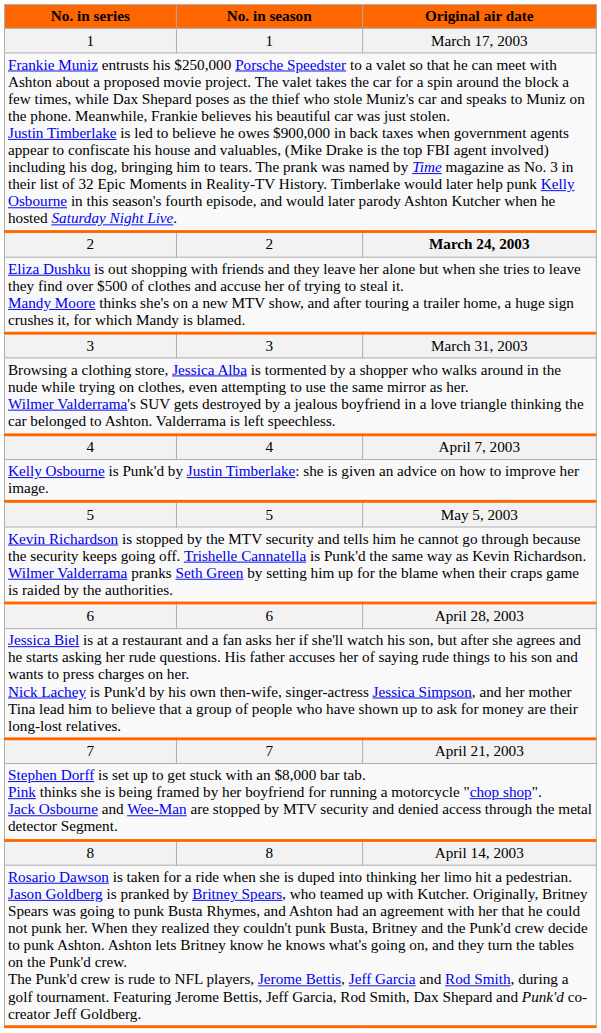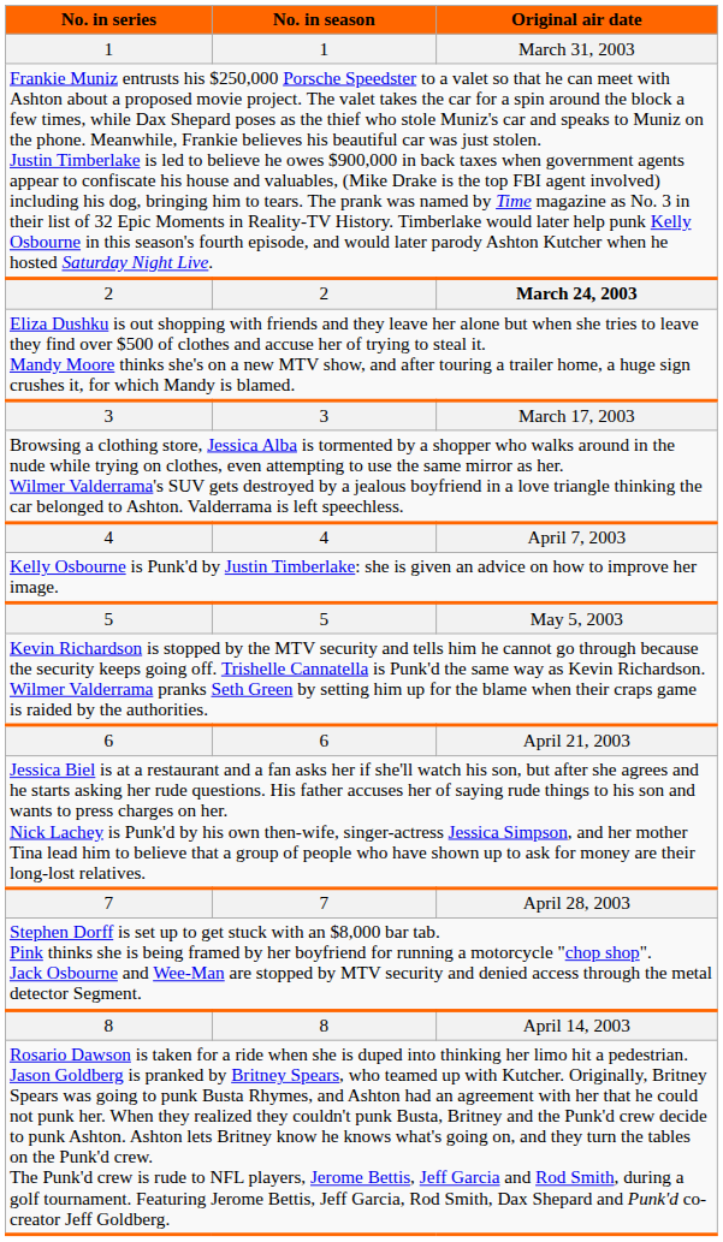 <table class="wikitable plainrowheaders" style="width:100%; text-align:center">
 <tr style="font-weight:bold; background:#f60;">
 <td>No. in series</td>
 <td>No. in season</td>
 <td>Original air date</td>
 </tr>
 <tr style="background:#f2f2f2">
 <td>1</td>
 <td>1</td>
-<td>March 17, 2003</td>
+<td>March 31, 2003</td>
 </tr>
 <tr>
 <td colspan="7"  style="text-align:left; border-bottom:3px solid #f60;"><a href='#'>Frankie Muniz</a> entrusts his $250,000 <a href='#'>Porsche Speedster</a> to a valet so that he can meet with Ashton about a proposed movie project. The valet takes the car for a spin around the block a few times, while Dax Shepard poses as the thief who stole Muniz's car and speaks to Muniz on the phone. Meanwhile, Frankie believes his beautiful car was just stolen.<br><a href='#'>Justin Timberlake</a> is led to believe he owes $900,000 in back taxes when government agents appear to confiscate his house and valuables, (Mike Drake is the top FBI agent involved) including his dog, bringing him to tears. The prank was named by <em><a href='#'>Time</a></em> magazine as No. 3 in their list of 32 Epic Moments in Reality-TV History. Timberlake would later help punk <a href='#'>Kelly Osbourne</a> in this season's fourth episode, and would later parody Ashton Kutcher when he hosted <em><a href='#'>Saturday Night Live</a></em>.</td>
 </tr>
 <tr style="background:#f2f2f2">
 <td>2</td>
 <td>2</td>
 <td><strong>March 24, 2003</strong></td>
 </tr>
 <tr>
 <td colspan="7"  style="text-align:left; border-bottom:3px solid #f60;"><a href='#'>Eliza Dushku</a> is out shopping with friends and they leave her alone but when she tries to leave they find over $500 of clothes and accuse her of trying to steal it.<br><a href='#'>Mandy Moore</a> thinks she's on a new MTV show, and after touring a trailer home, a huge sign crushes it, for which Mandy is blamed.</td>
 </tr>
 <tr style="background:#f2f2f2">
 <td>3</td>
 <td>3</td>
-<td>March 31, 2003</td>
+<td>March 17, 2003</td>
 </tr>
 <tr>
 <td colspan="7"  style="text-align:left; border-bottom:3px solid #f60;">Browsing a clothing store, <a href='#'>Jessica Alba</a> is tormented by a shopper who walks around in the nude while trying on clothes, even attempting to use the same mirror as her.<br><a href='#'>Wilmer Valderrama</a>'s SUV gets destroyed by a jealous boyfriend in a love triangle thinking the car belonged to Ashton. Valderrama is left speechless.</td>
 </tr>
 <tr style="background:#f2f2f2">
 <td>4</td>
 <td>4</td>
 <td>April 7, 2003</td>
 </tr>
 <tr>
 <td colspan="7"  style="text-align:left; border-bottom:3px solid #f60;"><a href='#'>Kelly Osbourne</a> is Punk'd by <a href='#'>Justin Timberlake</a>: she is given an advice on how to improve her image.</td>
 </tr>
 <tr style="background:#f2f2f2">
 <td>5</td>
 <td>5</td>
 <td>May 5, 2003</td>
 </tr>
 <tr>
 <td colspan="7"  style="text-align:left; border-bottom:3px solid #f60;"><a href='#'>Kevin Richardson</a> is stopped by the MTV security and tells him he cannot go through because the security keeps going off. <a href='#'>Trishelle Cannatella</a> is Punk'd the same way as Kevin Richardson.<br><a href='#'>Wilmer Valderrama</a> pranks <a href='#'>Seth Green</a> by setting him up for the blame when their craps game is raided by the authorities.</td>
 </tr>
 <tr style="background:#f2f2f2">
 <td>6</td>
 <td>6</td>
-<td>April 28, 2003</td>
+<td>April 21, 2003</td>
 </tr>
 <tr>
 <td colspan="7"  style="text-align:left; border-bottom:3px solid #f60;"><a href='#'>Jessica Biel</a> is at a restaurant and a fan asks her if she'll watch his son, but after she agrees and he starts asking her rude questions. His father accuses her of saying rude things to his son and wants to press charges on her.<br><a href='#'>Nick Lachey</a> is Punk'd by his own then-wife, singer-actress <a href='#'>Jessica Simpson</a>, and her mother Tina lead him to believe that a group of people who have shown up to ask for money are their long-lost relatives.</td>
 </tr>
 <tr style="background:#f2f2f2">
 <td>7</td>
 <td>7</td>
-<td>April 21, 2003</td>
+<td>April 28, 2003</td>
 </tr>
 <tr>
 <td colspan="7"  style="text-align:left; border-bottom:3px solid #f60;"><a href='#'>Stephen Dorff</a> is set up to get stuck with an $8,000 bar tab.<br><a href='#'>Pink</a> thinks she is being framed by her boyfriend for running a motorcycle "<a href='#'>chop shop</a>".<br><a href='#'>Jack Osbourne</a> and <a href='#'>Wee-Man</a> are stopped by MTV security and denied access through the metal detector Segment.</td>
 </tr>
 <tr style="background:#f2f2f2">
 <td>8</td>
 <td>8</td>
 <td>April 14, 2003</td>
 </tr>
 <tr>
 <td colspan="7"  style="text-align:left; border-bottom:3px solid #f60;"><a href='#'>Rosario Dawson</a> is taken for a ride when she is duped into thinking her limo hit a pedestrian.<br><a href='#'>Jason Goldberg</a> is pranked by <a href='#'>Britney Spears</a>, who teamed up with Kutcher. Originally, Britney Spears was going to punk Busta Rhymes, and Ashton had an agreement with her that he could not punk her. When they realized they couldn't punk Busta, Britney and the Punk'd crew decide to punk Ashton. Ashton lets Britney know he knows what's going on, and they turn the tables on the Punk'd crew.<br>The Punk'd crew is rude to NFL players, <a href='#'>Jerome Bettis</a>, <a href='#'>Jeff Garcia</a> and <a href='#'>Rod Smith</a>, during a golf tournament. Featuring Jerome Bettis, Jeff Garcia, Rod Smith, Dax Shepard and <em>Punk'd</em> co-creator Jeff Goldberg.</td>
 </tr>
 </table>
